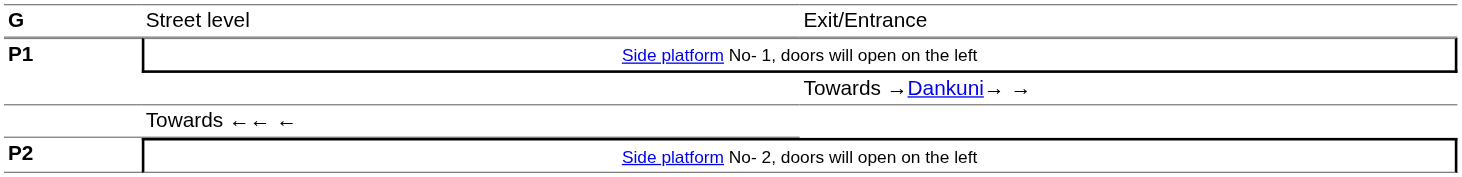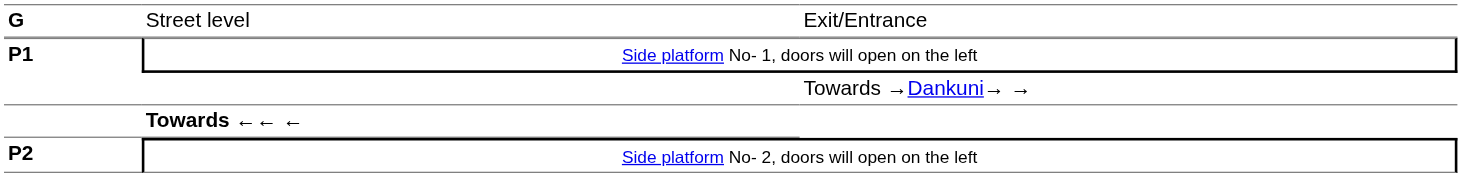 <table table border=0 cellspacing=0 cellpadding=3>
 <tr>
 <td style="border-bottom:solid 1px gray;border-top:solid 1px gray;" width=50 valign=top><strong>G</strong></td>
 <td style="border-top:solid 1px gray;border-bottom:solid 1px gray;" width=100 valign=top>Street level</td>
 <td style="border-top:solid 1px gray;border-bottom:solid 1px gray;" width=500 valign=top>Exit/Entrance</td>
 </tr>
 <tr>
 <td style="border-top:solid 1px gray;border-bottom:solid 1px gray;" width=50 rowspan=2 valign=top><strong>P1</strong></td>
 <td style="border-top:solid 1px gray;border-right:solid 2px black;border-left:solid 2px black;border-bottom:solid 2px black;text-align:center;" colspan=2><small><a href='#'>Side platform</a> No- 1, doors will open on the left </small></td>
 </tr>
 <tr>
 <td style="border-bottom:solid 1px gray;" width=100></td>
 <td style="border-bottom:solid 1px gray;" width=500>Towards →<a href='#'>Dankuni</a>→ →</td>
 </tr>
 <tr>
 <td style="border-bottom:solid 1px gray;" width=100></td>
-<td style="border-bottom:solid 1px gray;" width=500>Towards ←← ←</td>
+<td style="border-bottom:solid 1px gray;" width=500><strong>Towards ←← ←</strong></td>
 </tr>
 <tr>
 <td style="border-bottom:solid 1px gray;" width=50 rowspan=2 valign=top><strong>P2</strong></td>
 <td style="border-top:solid 2px black;border-right:solid 2px black;border-left:solid 2px black;border-bottom:solid 1px gray;text-align:center;" colspan=2><small><a href='#'>Side platform</a> No- 2, doors will open on the left </small></td>
 </tr>
 </table>
